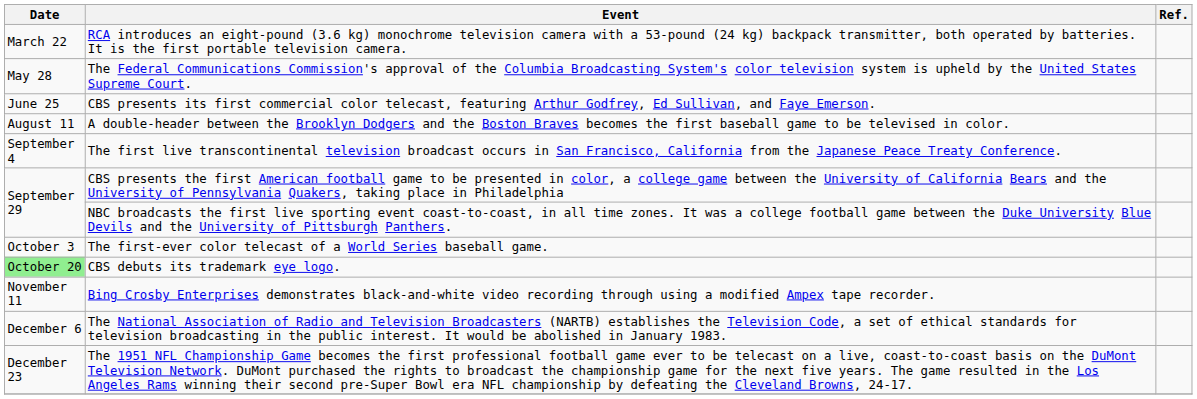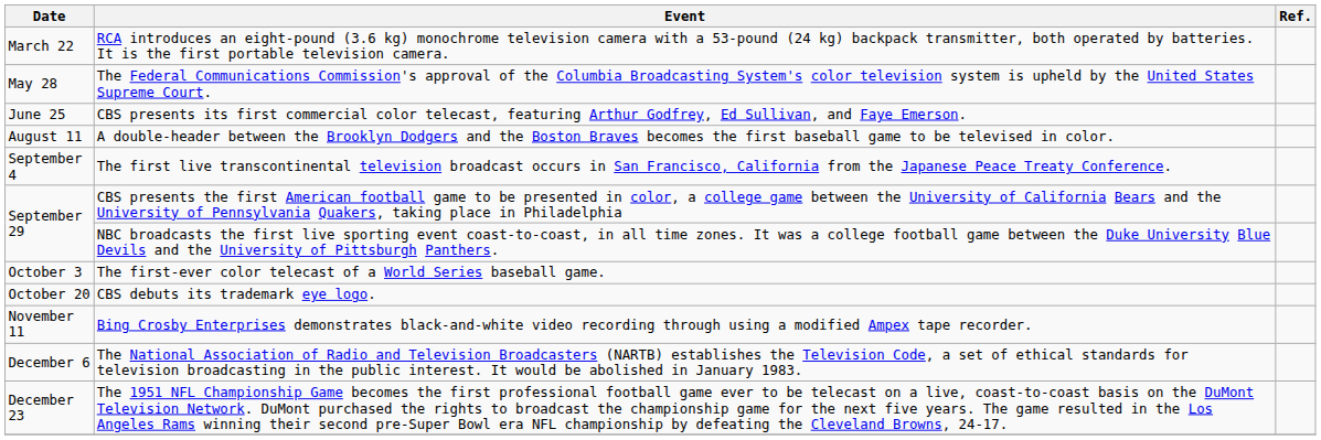 <table class="wikitable sortable">
 <tr>
 <th>Date</th>
 <th>Event</th>
 <th>Ref.</th>
 </tr>
 <tr>
 <td>March 22</td>
 <td><a href='#'>RCA</a> introduces an eight-pound (3.6 kg) monochrome television camera with a 53-pound (24 kg) backpack transmitter, both operated by batteries. It is the first portable television camera.</td>
 <td></td>
 </tr>
 <tr>
 <td>May 28</td>
 <td>The <a href='#'>Federal Communications Commission</a>'s approval of the <a href='#'>Columbia Broadcasting System's</a> <a href='#'>color television</a> system is upheld by the <a href='#'>United States Supreme Court</a>.</td>
 <td></td>
 </tr>
 <tr>
 <td>June 25</td>
 <td>CBS presents its first commercial color telecast, featuring <a href='#'>Arthur Godfrey</a>, <a href='#'>Ed Sullivan</a>, and <a href='#'>Faye Emerson</a>.</td>
 <td></td>
 </tr>
 <tr>
 <td>August 11</td>
 <td>A double-header between the <a href='#'>Brooklyn Dodgers</a> and the <a href='#'>Boston Braves</a> becomes the first baseball game to be televised in color.</td>
 <td></td>
 </tr>
 <tr>
 <td>September 4</td>
 <td>The first live transcontinental <a href='#'>television</a> broadcast occurs in <a href='#'>San Francisco, California</a> from the <a href='#'>Japanese Peace Treaty Conference</a>.</td>
 <td></td>
 </tr>
 <tr>
 <td rowspan=2>September 29</td>
 <td>CBS presents the first <a href='#'>American football</a> game to be presented in <a href='#'>color</a>, a <a href='#'>college game</a> between the <a href='#'>University of California</a> <a href='#'>Bears</a> and the <a href='#'>University of Pennsylvania</a> <a href='#'>Quakers</a>, taking place in Philadelphia</td>
 <td></td>
 </tr>
 <tr>
 <td>NBC broadcasts the first live sporting event coast-to-coast, in all time zones. It was a college football game between the <a href='#'>Duke University</a> <a href='#'>Blue Devils</a> and the <a href='#'>University of Pittsburgh</a> <a href='#'>Panthers</a>.</td>
 <td></td>
 </tr>
 <tr>
 <td>October 3</td>
 <td>The first-ever color telecast of a <a href='#'>World Series</a> baseball game.</td>
 <td></td>
 </tr>
 <tr>
-<td style="background: lightgreen;">October 20</td>
+<td>October 20</td>
 <td>CBS debuts its trademark <a href='#'>eye logo</a>.</td>
 <td></td>
 </tr>
 <tr>
 <td>November 11</td>
 <td><a href='#'>Bing Crosby Enterprises</a> demonstrates black-and-white video recording through using a modified <a href='#'>Ampex</a> tape recorder.</td>
 <td></td>
 </tr>
 <tr>
 <td>December 6</td>
 <td>The <a href='#'>National Association of Radio and Television Broadcasters</a> (NARTB) establishes the <a href='#'>Television Code</a>, a set of ethical standards for television broadcasting in the public interest. It would be abolished in January 1983.</td>
 <td></td>
 </tr>
 <tr>
 <td>December 23</td>
 <td>The <a href='#'>1951 NFL Championship Game</a> becomes the first professional football game ever to be telecast on a live, coast-to-coast basis on the <a href='#'>DuMont Television Network</a>. DuMont purchased the rights to broadcast the championship game for the next five years. The game resulted in the <a href='#'>Los Angeles Rams</a>  winning their second pre-Super Bowl era NFL championship by defeating the <a href='#'>Cleveland Browns</a>, 24-17.</td>
 <td></td>
 </tr>
 <tr>
 </tr>
 </table>
